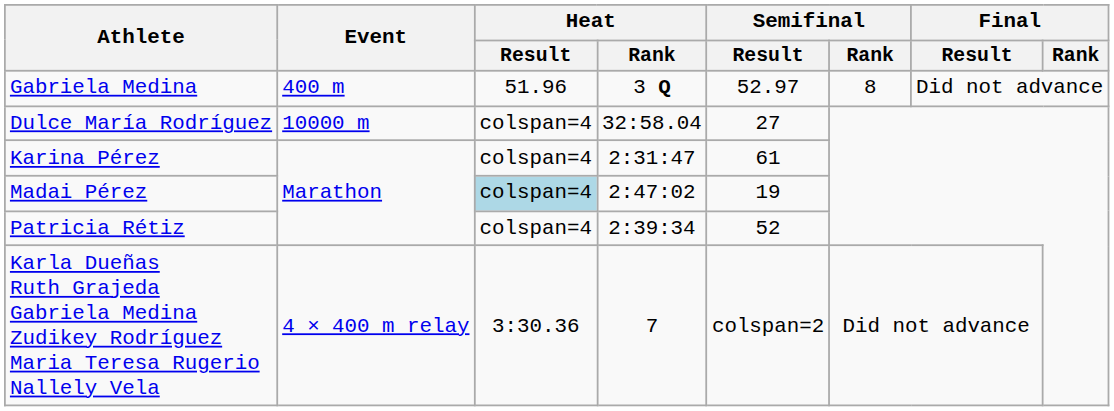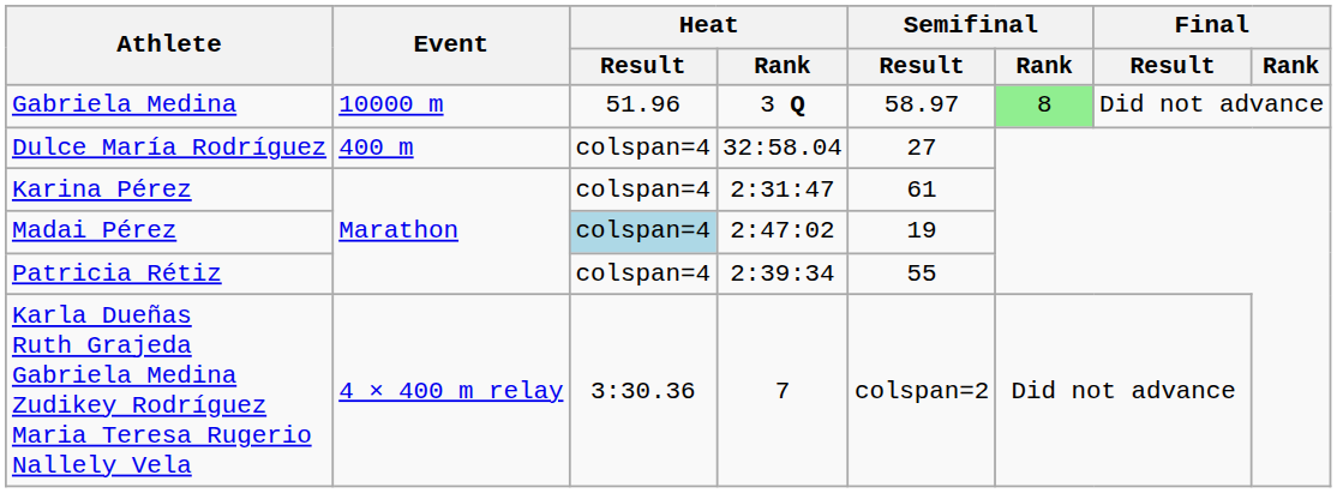 <table class=wikitable style="font-size:90%">
 <tr>
 <th rowspan="2">Athlete</th>
 <th rowspan="2">Event</th>
 <th colspan="2">Heat</th>
 <th colspan="2">Semifinal</th>
 <th colspan="2">Final</th>
 </tr>
 <tr style="font-size:95%">
 <th>Result</th>
 <th>Rank</th>
 <th>Result</th>
 <th>Rank</th>
 <th>Result</th>
 <th>Rank</th>
 </tr>
 <tr align=center>
 <td align=left><a href='#'>Gabriela Medina</a></td>
-<td align=left><a href='#'>400 m</a></td>
+<td align=left><a href='#'>10000 m</a></td>
 <td>51.96</td>
 <td>3 <strong>Q</strong></td>
-<td>52.97</td>
-<td>8</td>
+<td>58.97</td>
+<td style="background: lightgreen;">8</td>
 <td colspan=2>Did not advance</td>
 </tr>
 <tr align=center>
 <td align=left><a href='#'>Dulce María Rodríguez</a></td>
-<td align=left><a href='#'>10000 m</a></td>
+<td align=left><a href='#'>400 m</a></td>
 <td>colspan=4 </td>
 <td>32:58.04</td>
 <td>27</td>
 </tr>
 <tr align=center>
 <td align=left><a href='#'>Karina Pérez</a></td>
 <td align=left rowspan=3><a href='#'>Marathon</a></td>
 <td>colspan=4 </td>
 <td>2:31:47</td>
 <td>61</td>
 </tr>
 <tr align=center>
 <td align=left><a href='#'>Madai Pérez</a></td>
 <td style="background: lightblue;">colspan=4 </td>
 <td>2:47:02</td>
 <td>19</td>
 </tr>
 <tr align=center>
 <td align=left><a href='#'>Patricia Rétiz</a></td>
 <td>colspan=4 </td>
 <td>2:39:34</td>
-<td>52</td>
+<td>55</td>
 </tr>
 <tr align=center>
 <td align=left><a href='#'>Karla Dueñas</a><br><a href='#'>Ruth Grajeda</a><br><a href='#'>Gabriela Medina</a><br><a href='#'>Zudikey Rodríguez</a><br><a href='#'>Maria Teresa Rugerio</a><br><a href='#'>Nallely Vela</a></td>
 <td align=left><a href='#'>4 × 400 m relay</a></td>
 <td>3:30.36</td>
 <td>7</td>
 <td>colspan=2 </td>
 <td colspan=2>Did not advance</td>
 </tr>
 </table>
